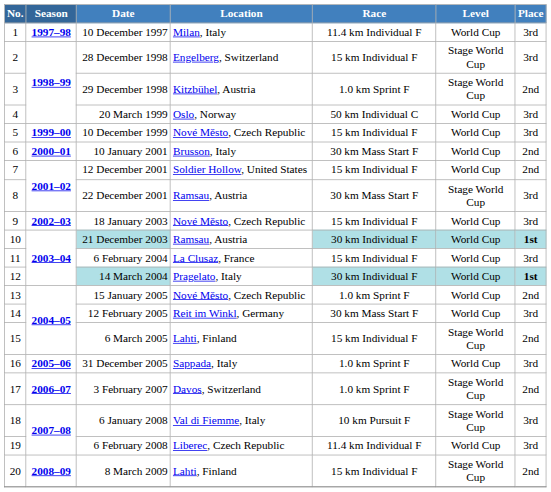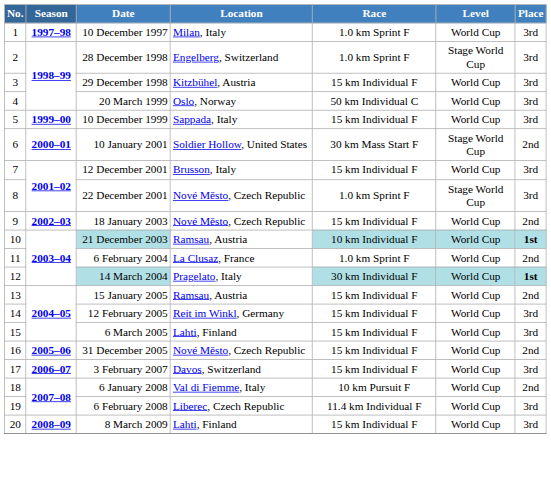 <table class="wikitable sortable" style="font-size:95%; text-align:center; border:grey solid 1px; border-collapse:collapse; background:#ffffff;">
 <tr style="background:#efefef;">
 <th style="background-color:#369; color:white;">No.</th>
 <th style="background-color:#369; color:white;">Season</th>
 <th style="background-color:#4180be; color:white; width:120px;">Date</th>
 <th style="background-color:#4180be; color:white; width:185px;">Location</th>
 <th style="background-color:#4180be; color:white; width:160px;">Race</th>
 <th style="background-color:#4180be; color:white; width:100px;">Level</th>
 <th style="background-color:#4180be; color:white;">Place</th>
 </tr>
 <tr>
 <td align=center>1</td>
 <td rowspan=1 align=center><strong> <a href='#'>1997–98</a> </strong></td>
 <td align=right>10 December 1997</td>
 <td align=left> <a href='#'>Milan</a>, Italy</td>
-<td>11.4 km Individual F</td>
+<td>1.0 km Sprint F</td>
 <td>World Cup</td>
 <td>3rd</td>
 </tr>
 <tr>
 <td align=center>2</td>
 <td rowspan=3 align=center><strong> <a href='#'>1998–99</a> </strong></td>
 <td align=right>28 December 1998</td>
 <td align=left> <a href='#'>Engelberg</a>, Switzerland</td>
-<td>15 km Individual F</td>
+<td>1.0 km Sprint F</td>
 <td>Stage World Cup</td>
 <td>3rd</td>
 </tr>
 <tr>
 <td align=center>3</td>
 <td align=right>29 December 1998</td>
 <td align=left> <a href='#'>Kitzbühel</a>, Austria</td>
-<td>1.0 km Sprint F</td>
-<td>Stage World Cup</td>
-<td>2nd</td>
+<td>15 km Individual F</td>
+<td>World Cup</td>
+<td>3rd</td>
 </tr>
 <tr>
 <td align=center>4</td>
 <td align=right>20 March 1999</td>
 <td align=left> <a href='#'>Oslo</a>, Norway</td>
 <td>50 km Individual C</td>
 <td>World Cup</td>
 <td>3rd</td>
 </tr>
 <tr>
 <td align=center>5</td>
 <td rowspan=1 align=center><strong> <a href='#'>1999–00</a> </strong></td>
 <td align=right>10 December 1999</td>
-<td align=left> <a href='#'>Nové Město</a>, Czech Republic</td>
+<td align=left> <a href='#'>Sappada</a>, Italy</td>
 <td>15 km Individual F</td>
 <td>World Cup</td>
 <td>3rd</td>
 </tr>
 <tr>
 <td align=center>6</td>
 <td rowspan=1 align=center><strong> <a href='#'>2000–01</a> </strong></td>
 <td align=right>10 January 2001</td>
-<td align=left> <a href='#'>Brusson</a>, Italy</td>
+<td align=left> <a href='#'>Soldier Hollow</a>, United States</td>
 <td>30 km Mass Start F</td>
-<td>World Cup</td>
+<td>Stage World Cup</td>
 <td>2nd</td>
 </tr>
 <tr>
 <td align=center>7</td>
 <td rowspan=2 align=center><strong> <a href='#'>2001–02</a> </strong></td>
 <td align=right>12 December 2001</td>
-<td align=left> <a href='#'>Soldier Hollow</a>, United States</td>
+<td align=left> <a href='#'>Brusson</a>, Italy</td>
 <td>15 km Individual F</td>
 <td>World Cup</td>
-<td>2nd</td>
+<td>3rd</td>
 </tr>
 <tr>
 <td align=center>8</td>
 <td align=right>22 December 2001</td>
-<td align=left> <a href='#'>Ramsau</a>, Austria</td>
-<td>30 km Mass Start F</td>
+<td align=left> <a href='#'>Nové Město</a>, Czech Republic</td>
+<td>1.0 km Sprint F</td>
 <td>Stage World Cup</td>
 <td>3rd</td>
 </tr>
 <tr>
 <td align=center>9</td>
 <td rowspan=1 align=center><strong> <a href='#'>2002–03</a> </strong></td>
 <td align=right>18 January 2003</td>
 <td align=left> <a href='#'>Nové Město</a>, Czech Republic</td>
 <td>15 km Individual F</td>
 <td>World Cup</td>
-<td>3rd</td>
+<td>2nd</td>
 </tr>
 <tr>
 <td align=center>10</td>
 <td rowspan=3 align=center><strong><a href='#'>2003–04</a></strong></td>
 <td bgcolor="#BOEOE6" align=right>21 December 2003</td>
 <td align=left> <a href='#'>Ramsau</a>, Austria</td>
-<td bgcolor="#BOEOE6">30 km Individual F</td>
+<td bgcolor="#BOEOE6">10 km Individual F</td>
 <td bgcolor="#BOEOE6">World Cup</td>
 <td bgcolor="#BOEOE6"><strong>1st</strong></td>
 </tr>
 <tr>
 <td align=center>11</td>
 <td align=right>6 February 2004</td>
 <td align=left> <a href='#'>La Clusaz</a>, France</td>
-<td>15 km Individual F</td>
+<td>1.0 km Sprint F</td>
 <td>World Cup</td>
-<td>3rd</td>
+<td>2nd</td>
 </tr>
 <tr>
 <td align=center>12</td>
 <td bgcolor="#BOEOE6" align=right>14 March 2004</td>
 <td align=left> <a href='#'>Pragelato</a>, Italy</td>
 <td bgcolor="#BOEOE6">30 km Individual F</td>
 <td bgcolor="#BOEOE6">World Cup</td>
 <td bgcolor="#BOEOE6"><strong>1st</strong></td>
 </tr>
 <tr>
 <td align=center>13</td>
 <td rowspan=3 align=center><strong> <a href='#'>2004–05</a> </strong></td>
 <td align=right>15 January 2005</td>
-<td align=left> <a href='#'>Nové Město</a>, Czech Republic</td>
-<td>1.0 km Sprint F</td>
+<td align=left> <a href='#'>Ramsau</a>, Austria</td>
+<td>15 km Individual F</td>
 <td>World Cup</td>
 <td>2nd</td>
 </tr>
 <tr>
 <td align=center>14</td>
 <td align=right>12 February 2005</td>
 <td align=left> <a href='#'>Reit im Winkl</a>, Germany</td>
-<td>30 km Mass Start F</td>
+<td>15 km Individual F</td>
 <td>World Cup</td>
 <td>3rd</td>
 </tr>
 <tr>
 <td align=center>15</td>
 <td align=right>6 March 2005</td>
 <td align=left> <a href='#'>Lahti</a>, Finland</td>
 <td>15 km Individual F</td>
-<td>Stage World Cup</td>
-<td>2nd</td>
+<td>World Cup</td>
+<td>3rd</td>
 </tr>
 <tr>
 <td align=center>16</td>
 <td rowspan=1 align=center><strong> <a href='#'>2005–06</a> </strong></td>
 <td align=right>31 December 2005</td>
-<td align=left> <a href='#'>Sappada</a>, Italy</td>
-<td>1.0 km Sprint F</td>
+<td align=left> <a href='#'>Nové Město</a>, Czech Republic</td>
+<td>15 km Individual F</td>
 <td>World Cup</td>
-<td>3rd</td>
+<td>2nd</td>
 </tr>
 <tr>
 <td align=center>17</td>
 <td rowspan=1 align=center><strong> <a href='#'>2006–07</a> </strong></td>
 <td align=right>3 February 2007</td>
 <td align=left> <a href='#'>Davos</a>, Switzerland</td>
-<td>1.0 km Sprint F</td>
-<td>Stage World Cup</td>
-<td>2nd</td>
+<td>15 km Individual F</td>
+<td>World Cup</td>
+<td>3rd</td>
 </tr>
 <tr>
 <td align=center>18</td>
 <td rowspan=2 align=center><strong> <a href='#'>2007–08</a> </strong></td>
 <td align=right>6 January 2008</td>
 <td align=left> <a href='#'>Val di Fiemme</a>, Italy</td>
 <td>10 km Pursuit F</td>
-<td>Stage World Cup</td>
-<td>3rd</td>
+<td>World Cup</td>
+<td>2nd</td>
 </tr>
 <tr>
 <td align=center>19</td>
 <td align=right>6 February 2008</td>
 <td align=left> <a href='#'>Liberec</a>, Czech Republic</td>
 <td>11.4 km Individual F</td>
 <td>World Cup</td>
 <td>3rd</td>
 </tr>
 <tr>
 <td align=center>20</td>
 <td rowspan=1 align=center><strong> <a href='#'>2008–09</a> </strong></td>
 <td align=right>8 March 2009</td>
 <td align=left> <a href='#'>Lahti</a>, Finland</td>
 <td>15 km Individual F</td>
-<td>Stage World Cup</td>
-<td>2nd</td>
+<td>World Cup</td>
+<td>3rd</td>
 </tr>
 <tr>
 </tr>
 </table>
